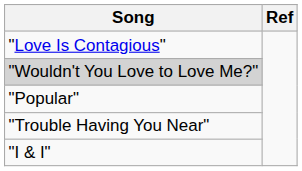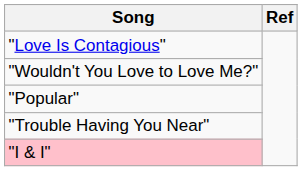 <table class="wikitable">
 <tr>
 <th scope=col>Song</th>
 <th scope=col>Ref</th>
 </tr>
 <tr>
 <td>"<a href='#'>Love Is Contagious</a>"</td>
 <td align=center rowspan=5></td>
 </tr>
 <tr>
-<td style="background: lightgrey;">"Wouldn't You Love to Love Me?"</td>
+<td>"Wouldn't You Love to Love Me?"</td>
 </tr>
 <tr>
 <td>"Popular"</td>
 </tr>
 <tr>
 <td>"Trouble Having You Near"</td>
 </tr>
 <tr>
-<td>"I & I"</td>
+<td style="background: pink;">"I & I"</td>
 </tr>
 </table>
